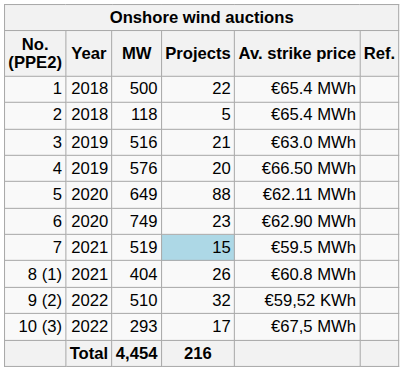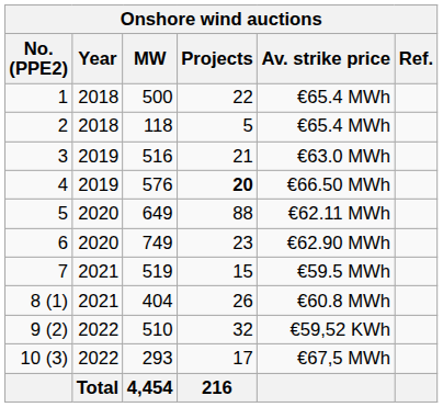 <table style="text-align:right" class="wikitable">
 <tr>
 <th colspan=6>Onshore wind auctions</th>
 </tr>
 <tr>
 <th>No.<br> (PPE2)</th>
 <th>Year</th>
 <th>MW</th>
 <th>Projects</th>
 <th>Av. strike price</th>
 <th>Ref.</th>
 </tr>
 <tr>
 <td>1</td>
 <td>2018</td>
 <td>500</td>
 <td>22</td>
 <td>€65.4 MWh</td>
 <td></td>
 </tr>
 <tr>
 <td>2</td>
 <td>2018</td>
 <td>118</td>
 <td>5</td>
 <td>€65.4 MWh</td>
 <td></td>
 </tr>
 <tr>
 <td>3</td>
 <td>2019</td>
 <td>516</td>
 <td>21</td>
 <td>€63.0 MWh</td>
 <td></td>
 </tr>
 <tr>
 <td>4</td>
 <td>2019</td>
 <td>576</td>
-<td>20</td>
+<td><strong>20</strong></td>
 <td>€66.50 MWh</td>
 <td></td>
 </tr>
 <tr>
 <td>5</td>
 <td>2020</td>
 <td>649</td>
 <td>88</td>
 <td>€62.11 MWh</td>
 <td></td>
 </tr>
 <tr>
 <td>6</td>
 <td>2020</td>
 <td>749</td>
 <td>23</td>
 <td>€62.90 MWh</td>
 <td></td>
 </tr>
 <tr>
 <td>7</td>
 <td>2021</td>
 <td>519</td>
-<td style="background: lightblue;">15</td>
+<td>15</td>
 <td>€59.5 MWh</td>
 <td></td>
 </tr>
 <tr>
 <td>8 (1)</td>
 <td>2021</td>
 <td>404</td>
 <td>26</td>
 <td>€60.8 MWh</td>
 <td></td>
 </tr>
 <tr>
 <td>9 (2)</td>
 <td>2022</td>
 <td>510</td>
 <td>32</td>
 <td>€59,52 KWh</td>
 <td></td>
 </tr>
 <tr>
 <td>10 (3)</td>
 <td>2022</td>
 <td>293</td>
 <td>17</td>
 <td>€67,5 MWh</td>
 <td></td>
 </tr>
 <tr>
 <th></th>
 <th>Total</th>
 <th>4,454</th>
 <th>216</th>
 <th></th>
 <th></th>
 </tr>
 </table>
